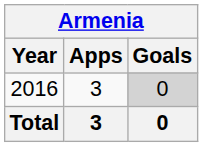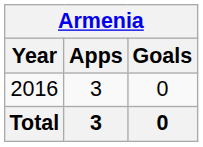 <table class="wikitable" style="text-align:center">
 <tr>
 <th colspan=3><a href='#'>Armenia</a></th>
 </tr>
 <tr>
 <th>Year</th>
 <th>Apps</th>
 <th>Goals</th>
 </tr>
 <tr>
 <td>2016</td>
 <td>3</td>
-<td style="background: lightgrey;">0</td>
+<td>0</td>
 </tr>
 <tr>
 <th>Total</th>
 <th>3</th>
 <th>0</th>
 </tr>
 </table>
